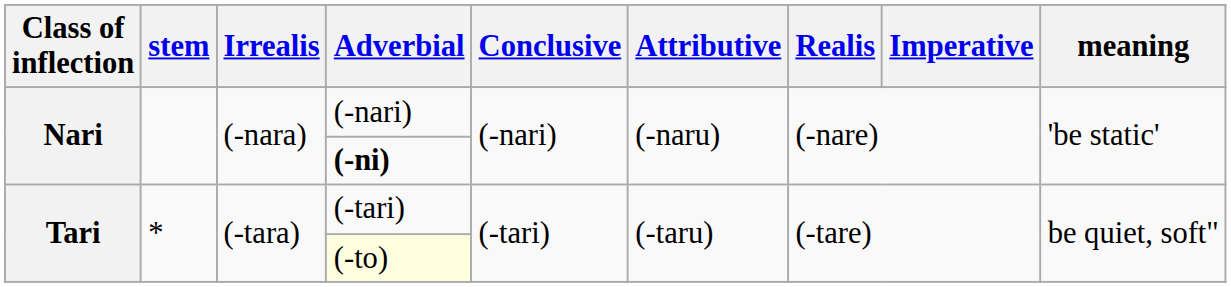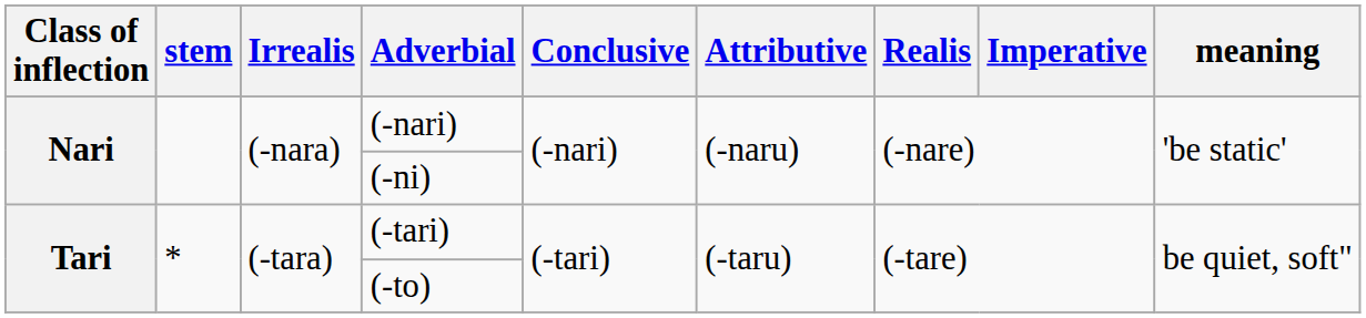 <table class="wikitable">
 <tr>
 <th>Class of<br>inflection</th>
 <th><a href='#'>stem</a><br></th>
 <th><a href='#'>Irrealis</a><br></th>
 <th><a href='#'>Adverbial</a><br></th>
 <th><a href='#'>Conclusive</a><br></th>
 <th><a href='#'>Attributive</a><br></th>
 <th><a href='#'>Realis</a><br></th>
 <th><a href='#'>Imperative</a><br></th>
 <th>meaning</th>
 </tr>
 <tr>
 <th rowspan="2">Nari<br></th>
 <td rowspan="2"></td>
 <td rowspan="2">(-nara)</td>
 <td>(-nari)</td>
 <td rowspan="2">(-nari)</td>
 <td rowspan="2">(-naru)</td>
 <td colspan="2" rowspan="2">(-nare)</td>
 <td rowspan="2">'be static'</td>
 </tr>
 <tr>
-<td><strong>(-ni)</strong></td>
+<td>(-ni)</td>
 </tr>
 <tr>
 <th rowspan="2">Tari<br></th>
 <td rowspan="2">*</td>
 <td rowspan="2">(-tara)</td>
 <td>(-tari)</td>
 <td rowspan="2">(-tari)</td>
 <td rowspan="2">(-taru)</td>
 <td colspan="2" rowspan="2">(-tare)</td>
 <td rowspan="2">be quiet, soft"</td>
 </tr>
 <tr>
-<td style="background: lightyellow;">(-to)</td>
+<td>(-to)</td>
 </tr>
 </table>
